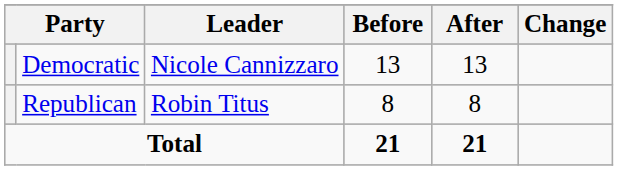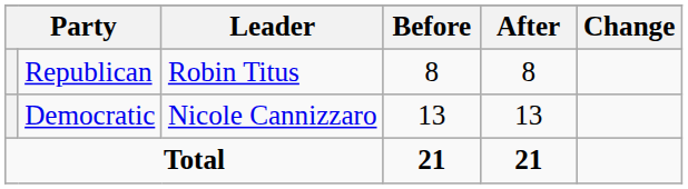 <table class="wikitable" style="text-align:center;">
 <tr>
 </tr>
 <tr>
 <th colspan="2">Party</th>
 <th>Leader</th>
 <th style="width:3em">Before</th>
 <th style="width:3em">After</th>
 <th style="width:3em">Change</th>
 </tr>
 <tr>
 <th style="background-color:"></th>
+<td style="text-align:left;"><a href='#'>Republican</a></td>
+<td style="text-align:left;"><a href='#'>Robin Titus</a></td>
+<td>8</td>
+<td>8</td>
+<td></td>
+</tr>
+<tr>
+<th style="background-color:"></th>
 <td style="text-align:left;"><a href='#'>Democratic</a></td>
 <td style="text-align:left;"><a href='#'>Nicole Cannizzaro</a></td>
 <td>13</td>
 <td>13</td>
-<td></td>
-</tr>
-<tr>
-<th style="background-color:"></th>
-<td style="text-align:left;"><a href='#'>Republican</a></td>
-<td style="text-align:left;"><a href='#'>Robin Titus</a></td>
-<td>8</td>
-<td>8</td>
 <td></td>
 </tr>
 <tr>
 <td colspan="3"><strong>Total</strong></td>
 <td><strong>21</strong></td>
 <td><strong>21</strong></td>
 <td></td>
 </tr>
 </table>
